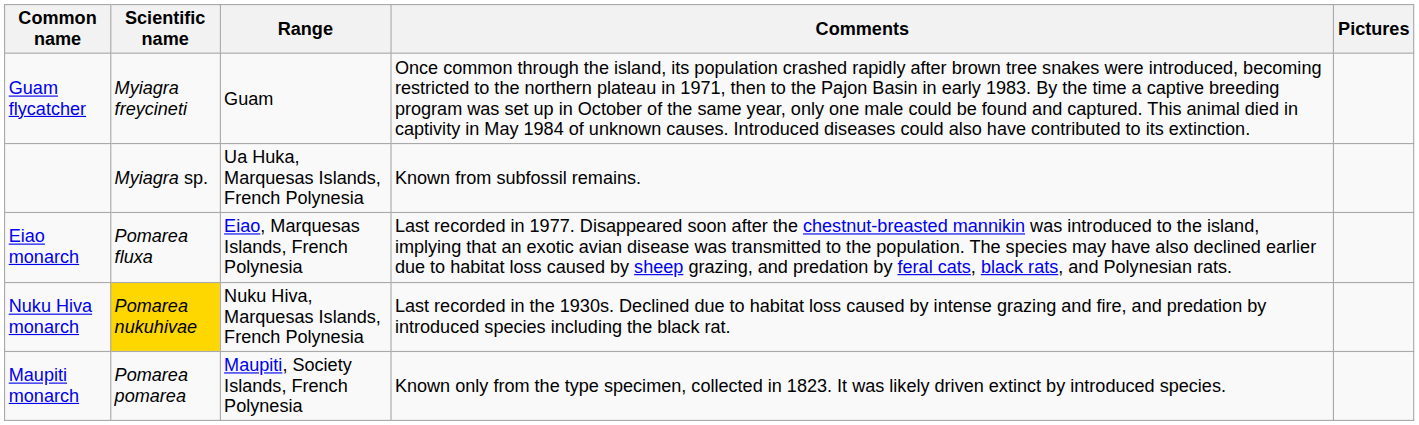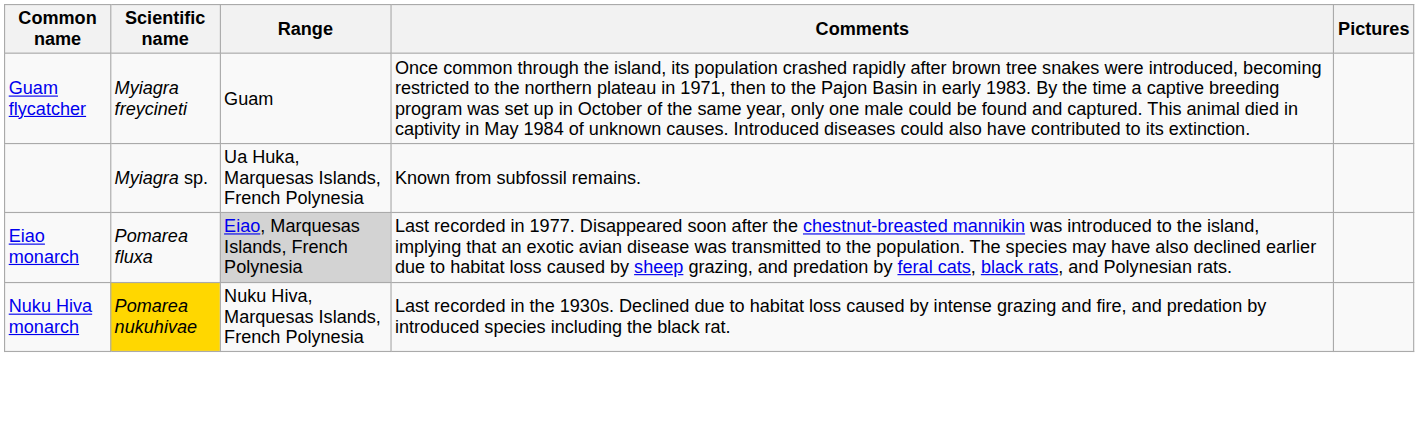 <table class="wikitable">
 <tr>
 <th>Common name</th>
 <th>Scientific name</th>
 <th>Range</th>
 <th class="unsortable">Comments</th>
 <th class="unsortable">Pictures</th>
 </tr>
 <tr>
 <td><a href='#'>Guam flycatcher</a></td>
 <td><em>Myiagra freycineti</em></td>
 <td>Guam</td>
 <td>Once common through the island, its population crashed rapidly after brown tree snakes were introduced, becoming restricted to the northern plateau in 1971, then to the Pajon Basin in early 1983. By the time a captive breeding program was set up in October of the same year, only one male could be found and captured. This animal died in captivity in May 1984 of unknown causes. Introduced diseases could also have contributed to its extinction.</td>
 <td></td>
 </tr>
 <tr>
 <td></td>
 <td><em>Myiagra</em> sp.</td>
 <td>Ua Huka, Marquesas Islands, French Polynesia</td>
 <td>Known from subfossil remains.</td>
 <td></td>
 </tr>
 <tr>
 <td><a href='#'>Eiao monarch</a></td>
 <td><em>Pomarea fluxa</em></td>
-<td><a href='#'>Eiao</a>, Marquesas Islands, French Polynesia</td>
+<td style="background: lightgrey;"><a href='#'>Eiao</a>, Marquesas Islands, French Polynesia</td>
 <td>Last recorded in 1977. Disappeared soon after the <a href='#'>chestnut-breasted mannikin</a> was introduced to the island, implying that an exotic avian disease was transmitted to the population. The species may have also declined earlier due to habitat loss caused by <a href='#'>sheep</a> grazing, and predation by <a href='#'>feral cats</a>, <a href='#'>black rats</a>, and Polynesian rats.</td>
 <td></td>
 </tr>
 <tr>
 <td><a href='#'>Nuku Hiva monarch</a></td>
 <td style="background: gold;"><em>Pomarea nukuhivae</em></td>
 <td>Nuku Hiva, Marquesas Islands, French Polynesia</td>
 <td>Last recorded in the 1930s. Declined due to habitat loss caused by intense grazing and fire, and predation by introduced species including the black rat.</td>
 <td></td>
 </tr>
-<tr>
-<td><a href='#'>Maupiti monarch</a></td>
-<td><em>Pomarea pomarea</em></td>
-<td><a href='#'>Maupiti</a>, Society Islands, French Polynesia</td>
-<td>Known only from the type specimen, collected in 1823. It was likely driven extinct by introduced species.</td>
-<td></td>
-</tr>
 </table>
